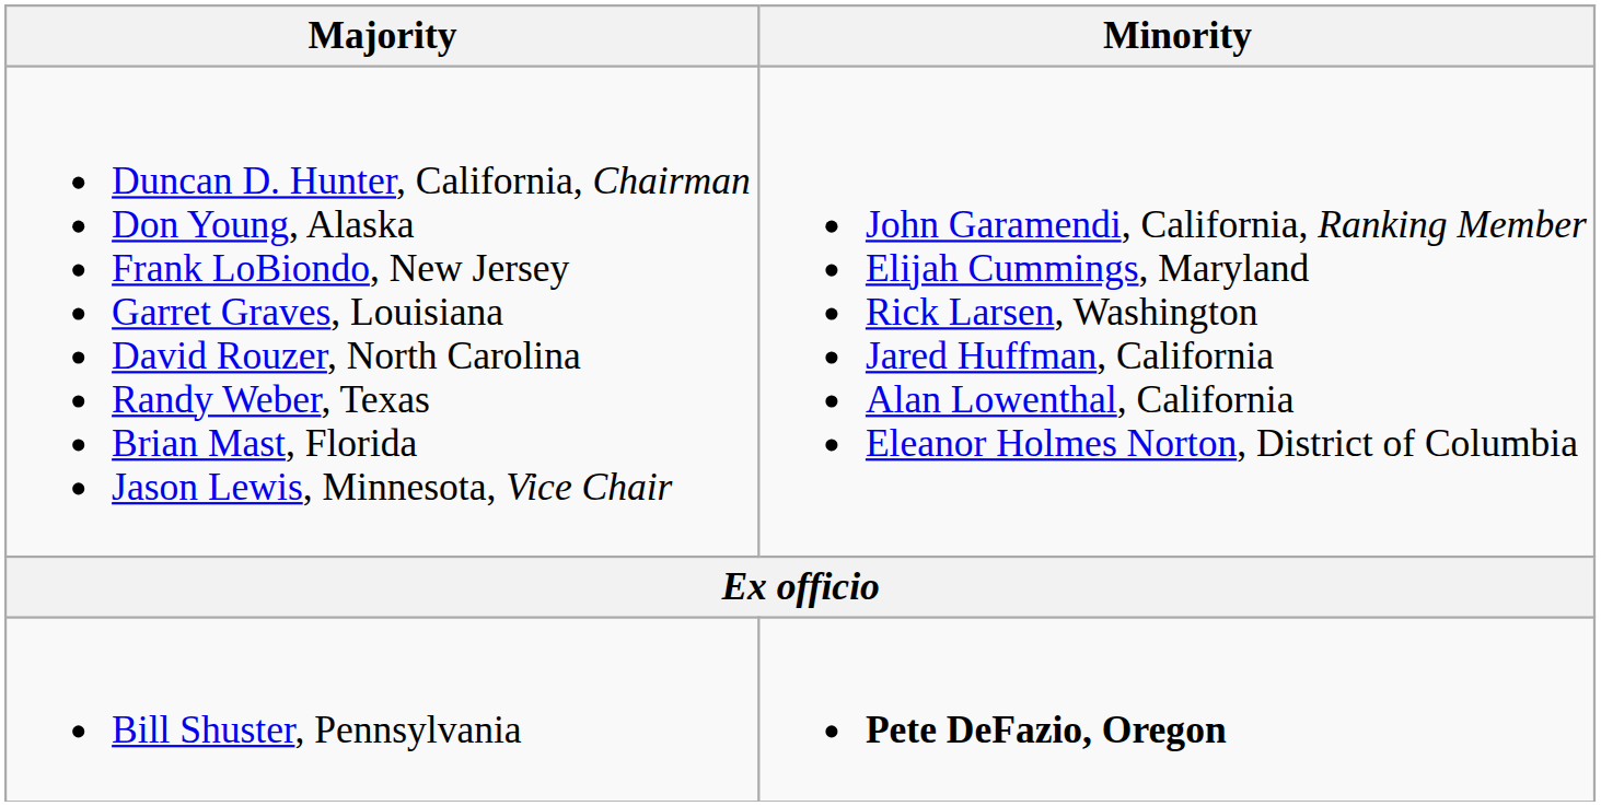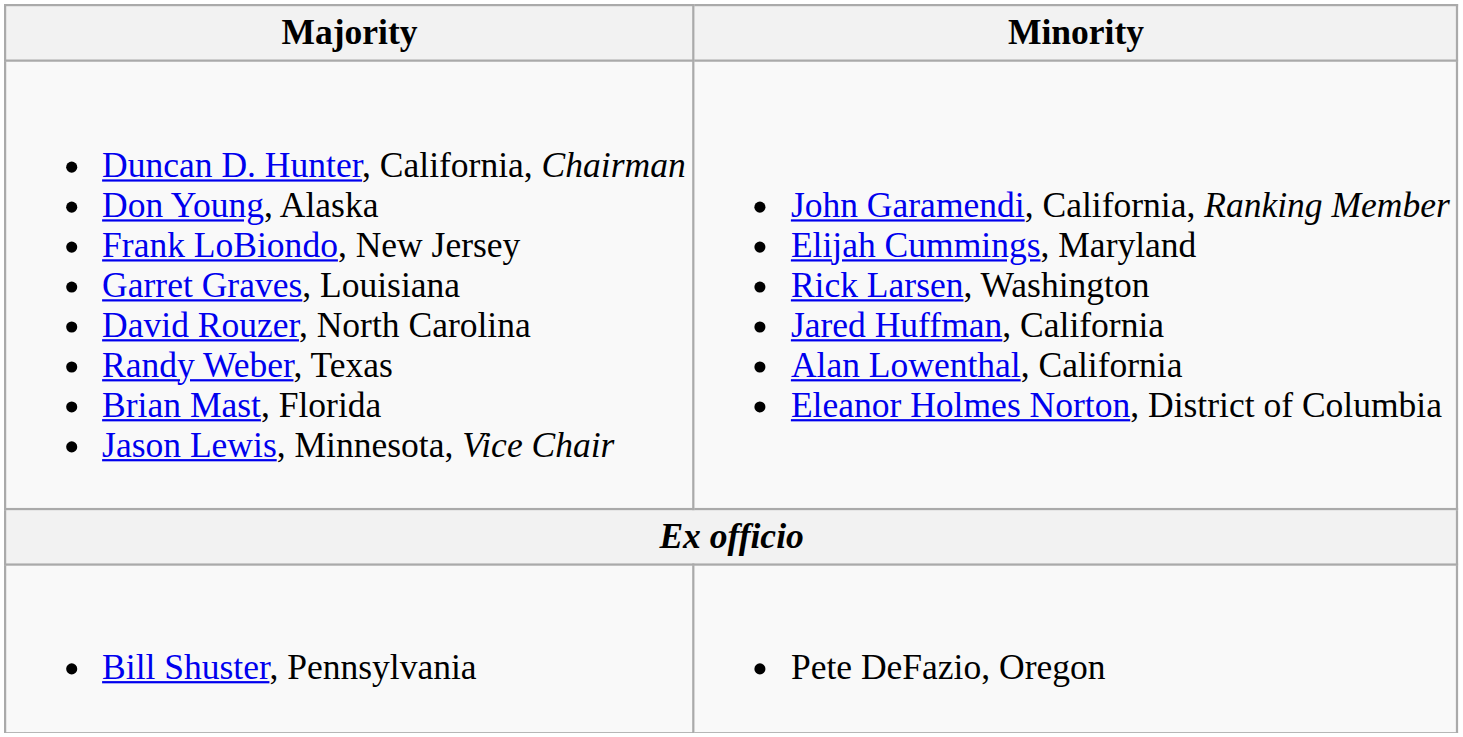 <table class=wikitable>
 <tr>
 <th>Majority</th>
 <th>Minority</th>
 </tr>
 <tr>
 <td><br><ul><li><a href='#'>Duncan D. Hunter</a>, California, <em>Chairman</em></li><li><a href='#'>Don Young</a>, Alaska</li><li><a href='#'>Frank LoBiondo</a>, New Jersey</li><li><a href='#'>Garret Graves</a>, Louisiana</li><li><a href='#'>David Rouzer</a>, North Carolina</li><li><a href='#'>Randy Weber</a>, Texas</li><li><a href='#'>Brian Mast</a>, Florida</li><li><a href='#'>Jason Lewis</a>, Minnesota, <em>Vice Chair</em></li></ul></td>
 <td><br><ul><li><a href='#'>John Garamendi</a>, California, <em>Ranking Member</em></li><li><a href='#'>Elijah Cummings</a>, Maryland</li><li><a href='#'>Rick Larsen</a>, Washington</li><li><a href='#'>Jared Huffman</a>, California</li><li><a href='#'>Alan Lowenthal</a>, California</li><li><a href='#'>Eleanor Holmes Norton</a>, District of Columbia</li></ul></td>
 </tr>
 <tr>
 <th colspan=2><em>Ex officio</em></th>
 </tr>
 <tr>
 <td><br><ul><li><a href='#'>Bill Shuster</a>, Pennsylvania</li></ul></td>
-<td><strong><br><ul><li>Pete DeFazio, Oregon</li></ul></strong></td>
+<td><br><ul><li>Pete DeFazio, Oregon</li></ul></td>
 </tr>
 </table>
